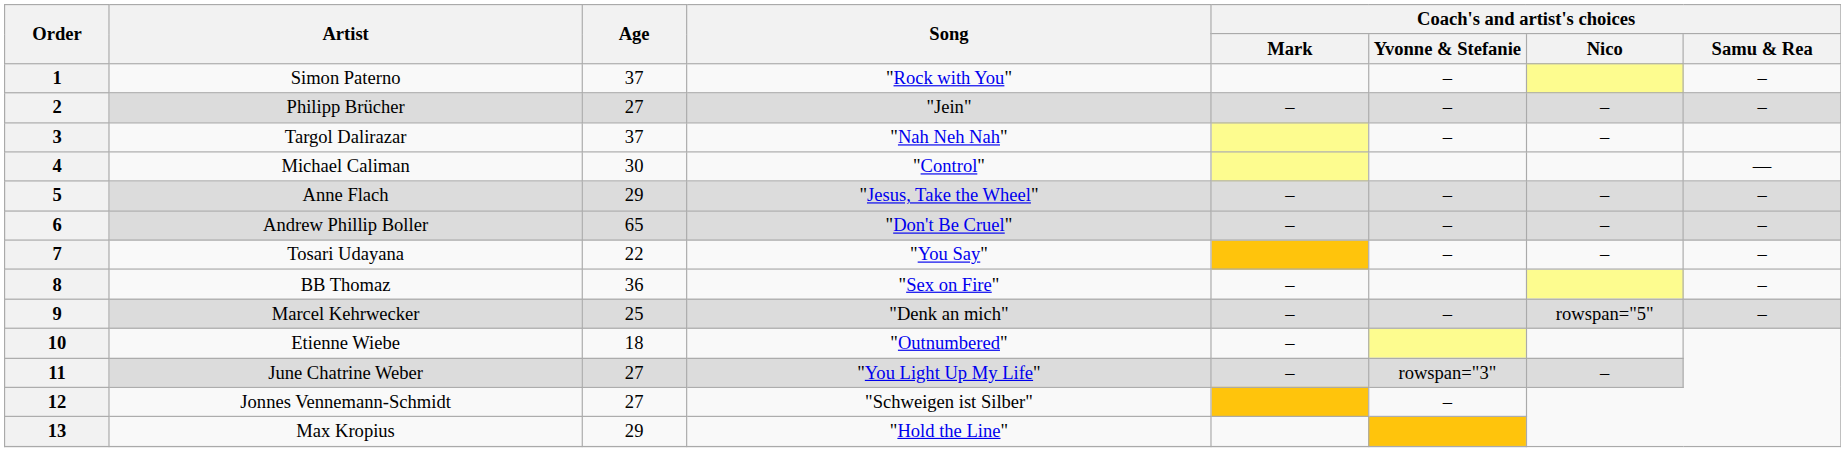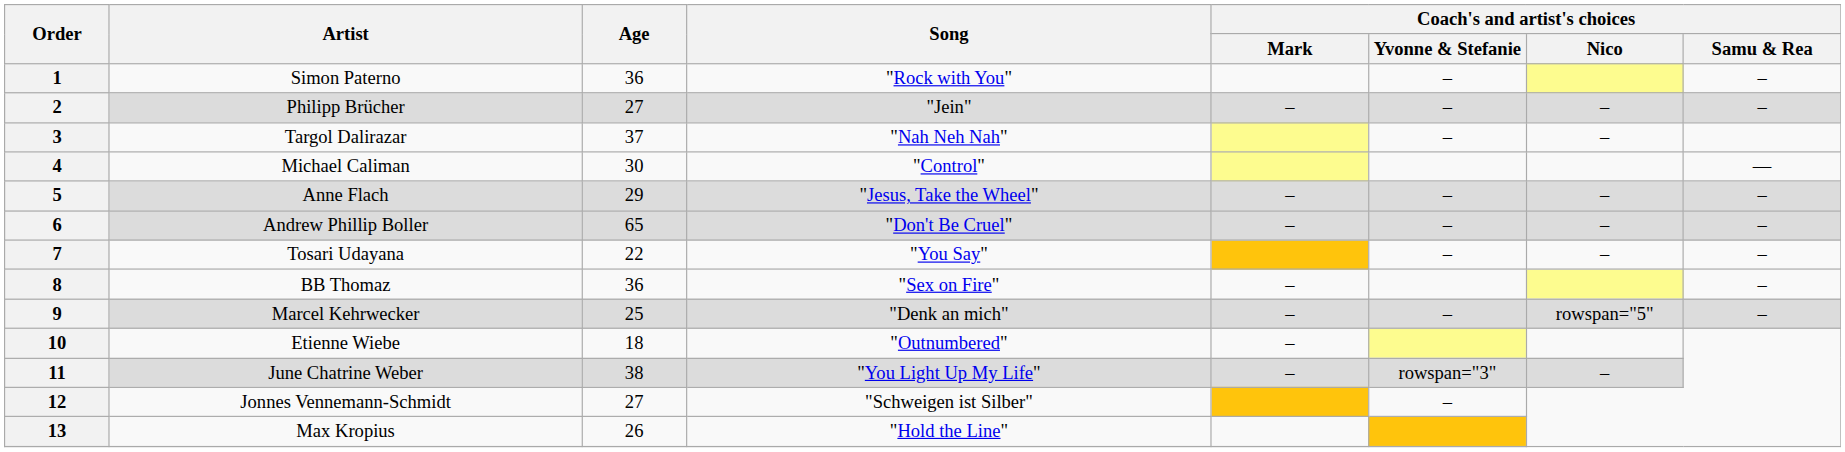 <table class="wikitable" style="text-align:center; width:100%;">
 <tr>
 <th scope="col" rowspan="2" style="width:04%;">Order</th>
 <th scope="col" rowspan="2" style="width:18%;">Artist</th>
 <th scope="col" rowspan="2" style="width:04%;">Age</th>
 <th scope="col" rowspan="2" style="width:20%;">Song</th>
 <th scope="col" colspan="4" style="width:24%;">Coach's and artist's choices</th>
 </tr>
 <tr>
 <th style="width:06%;">Mark</th>
 <th style="width:06%;">Yvonne & Stefanie</th>
 <th style="width:06%;">Nico</th>
 <th style="width:06%;">Samu & Rea</th>
 </tr>
 <tr>
 <th>1</th>
 <td>Simon Paterno</td>
-<td>37</td>
+<td>36</td>
 <td>"<a href='#'>Rock with You</a>"</td>
 <td><strong></strong></td>
 <td>–</td>
 <td style="background: #fdfc8f;"><strong></strong></td>
 <td>–</td>
 </tr>
 <tr style="background: #dcdcdc;" |>
 <th>2</th>
 <td>Philipp Brücher</td>
 <td>27</td>
 <td>"Jein"</td>
 <td>–</td>
 <td>–</td>
 <td>–</td>
 <td>–</td>
 </tr>
 <tr>
 <th>3</th>
 <td>Targol Dalirazar</td>
 <td>37</td>
 <td>"<a href='#'>Nah Neh Nah</a>"</td>
 <td style="background: #fdfc8f;"><strong></strong></td>
 <td>–</td>
 <td>–</td>
 <td><strong></strong></td>
 </tr>
 <tr>
 <th>4</th>
 <td>Michael Caliman </td>
 <td>30</td>
 <td>"<a href='#'>Control</a>"</td>
 <td style="background: #fdfc8f;"><strong></strong></td>
 <td><strong></strong></td>
 <td><strong></strong></td>
 <td>—</td>
 </tr>
 <tr style="background: #dcdcdc;" |>
 <th>5</th>
 <td>Anne Flach</td>
 <td>29</td>
 <td>"<a href='#'>Jesus, Take the Wheel</a>"</td>
 <td>–</td>
 <td>–</td>
 <td>–</td>
 <td>–</td>
 </tr>
 <tr style="background: #dcdcdc;" |>
 <th>6</th>
 <td>Andrew Phillip Boller</td>
 <td>65</td>
 <td>"<a href='#'>Don't Be Cruel</a>"</td>
 <td>–</td>
 <td>–</td>
 <td>–</td>
 <td>–</td>
 </tr>
 <tr>
 <th>7</th>
 <td>Tosari Udayana</td>
 <td>22</td>
 <td>"<a href='#'>You Say</a>"</td>
 <td style="background: #ffc40c;"><strong></strong></td>
 <td>–</td>
 <td>–</td>
 <td>–</td>
 </tr>
 <tr>
 <th>8</th>
 <td>BB Thomaz </td>
 <td>36</td>
 <td>"<a href='#'>Sex on Fire</a>"</td>
 <td>–</td>
 <td><strong></strong></td>
 <td style="background: #fdfc8f;"><strong></strong></td>
 <td>–</td>
 </tr>
 <tr style="background: #dcdcdc;" |>
 <th>9</th>
 <td>Marcel Kehrwecker</td>
 <td>25</td>
 <td>"Denk an mich"</td>
 <td>–</td>
 <td>–</td>
 <td>rowspan="5" </td>
 <td>–</td>
 </tr>
 <tr>
 <th>10</th>
 <td>Etienne Wiebe</td>
 <td>18</td>
 <td>"<a href='#'>Outnumbered</a>"</td>
 <td>–</td>
 <td style="background: #fdfc8f;"><strong></strong></td>
 <td><strong></strong></td>
 </tr>
 <tr style="background: #dcdcdc;" |>
 <th>11</th>
 <td>June Chatrine Weber</td>
-<td>27</td>
+<td>38</td>
 <td>"<a href='#'>You Light Up My Life</a>"</td>
 <td>–</td>
 <td>rowspan="3" </td>
 <td>–</td>
 </tr>
 <tr>
 <th>12</th>
 <td>Jonnes Vennemann-Schmidt</td>
 <td>27</td>
 <td>"Schweigen ist Silber"</td>
 <td style="background: #ffc40c;"><strong></strong></td>
 <td>–</td>
 </tr>
 <tr>
 <th>13</th>
 <td>Max Kropius</td>
-<td>29</td>
+<td>26</td>
 <td>"<a href='#'>Hold the Line</a>"</td>
 <td></td>
 <td style="background: #ffc40c;"><strong></strong></td>
 </tr>
 <tr>
 </tr>
 </table>
